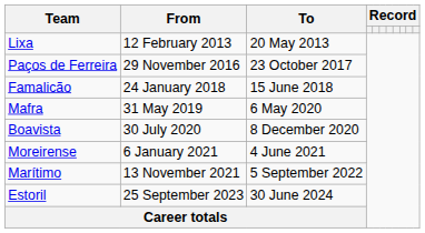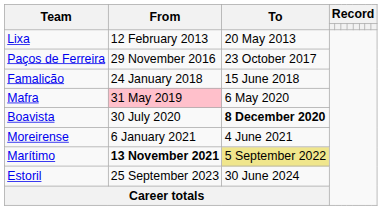 <table class="wikitable" style="text-align: center">
 <tr>
 <th rowspan="2">Team</th>
 <th rowspan="2">From</th>
 <th rowspan="2">To</th>
 <th colspan="8">Record</th>
 </tr>
 <tr>
 <th></th>
 <th></th>
 <th></th>
 <th></th>
 <th></th>
 <th></th>
 <th></th>
 <th></th>
 </tr>
 <tr>
 <td align="left"><a href='#'>Lixa</a></td>
 <td align=left>12 February 2013</td>
 <td align=left>20 May 2013<br></td>
 </tr>
 <tr>
 <td align="left"><a href='#'>Paços de Ferreira</a></td>
 <td align=left>29 November 2016</td>
 <td align=left>23 October 2017<br></td>
 </tr>
 <tr>
 <td align="left"><a href='#'>Famalicão</a></td>
 <td align=left>24 January 2018</td>
 <td align=left>15 June 2018<br></td>
 </tr>
 <tr>
 <td align="left"><a href='#'>Mafra</a></td>
-<td align=left>31 May 2019</td>
+<td align=left style="background: pink;">31 May 2019</td>
 <td align=left>6 May 2020<br></td>
 </tr>
 <tr>
 <td align="left"><a href='#'>Boavista</a></td>
 <td align=left>30 July 2020</td>
-<td align=left>8 December 2020<br></td>
+<td align=left><strong>8 December 2020<br></strong></td>
 </tr>
 <tr>
 <td align="left"><a href='#'>Moreirense</a></td>
 <td align=left>6 January 2021</td>
 <td align=left>4 June 2021<br></td>
 </tr>
 <tr>
 <td align="left"><a href='#'>Marítimo</a></td>
-<td align=left>13 November 2021</td>
-<td align=left>5 September 2022<br></td>
+<td align=left><strong>13 November 2021</strong></td>
+<td align=left style="background: khaki;">5 September 2022<br></td>
 </tr>
 <tr>
 <td align="left"><a href='#'>Estoril</a></td>
 <td align=left>25 September 2023</td>
 <td align=left>30 June 2024<br></td>
 </tr>
 <tr>
 <th colspan=3>Career totals<br></th>
 </tr>
 </table>
